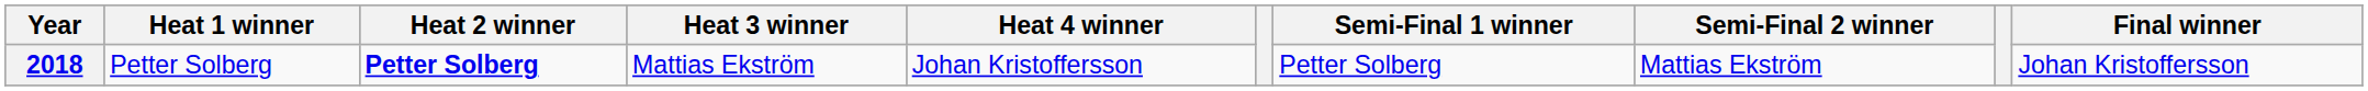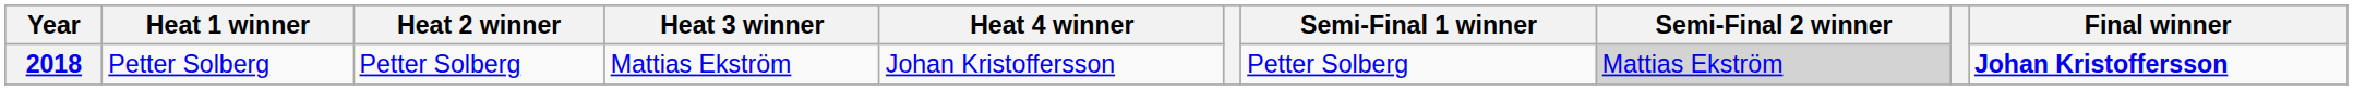 <table class="wikitable" style="font-size: 85%;" width="100%">
 <tr>
 <th>Year</th>
 <th>Heat 1 winner</th>
 <th>Heat 2 winner</th>
 <th>Heat 3 winner</th>
 <th>Heat 4 winner</th>
 <th rowspan="2"></th>
 <th>Semi-Final 1 winner</th>
 <th>Semi-Final 2 winner</th>
 <th rowspan="2"></th>
 <th>Final winner</th>
 </tr>
 <tr>
 <th><a href='#'>2018</a></th>
 <td> <a href='#'>Petter Solberg</a></td>
-<td><strong> <a href='#'>Petter Solberg</a></strong></td>
+<td> <a href='#'>Petter Solberg</a></td>
 <td> <a href='#'>Mattias Ekström</a></td>
 <td> <a href='#'>Johan Kristoffersson</a></td>
 <td> <a href='#'>Petter Solberg</a></td>
-<td> <a href='#'>Mattias Ekström</a></td>
-<td> <a href='#'>Johan Kristoffersson</a></td>
+<td style="background: lightgrey;"> <a href='#'>Mattias Ekström</a></td>
+<td><strong> <a href='#'>Johan Kristoffersson</a></strong></td>
 </tr>
 </table>
